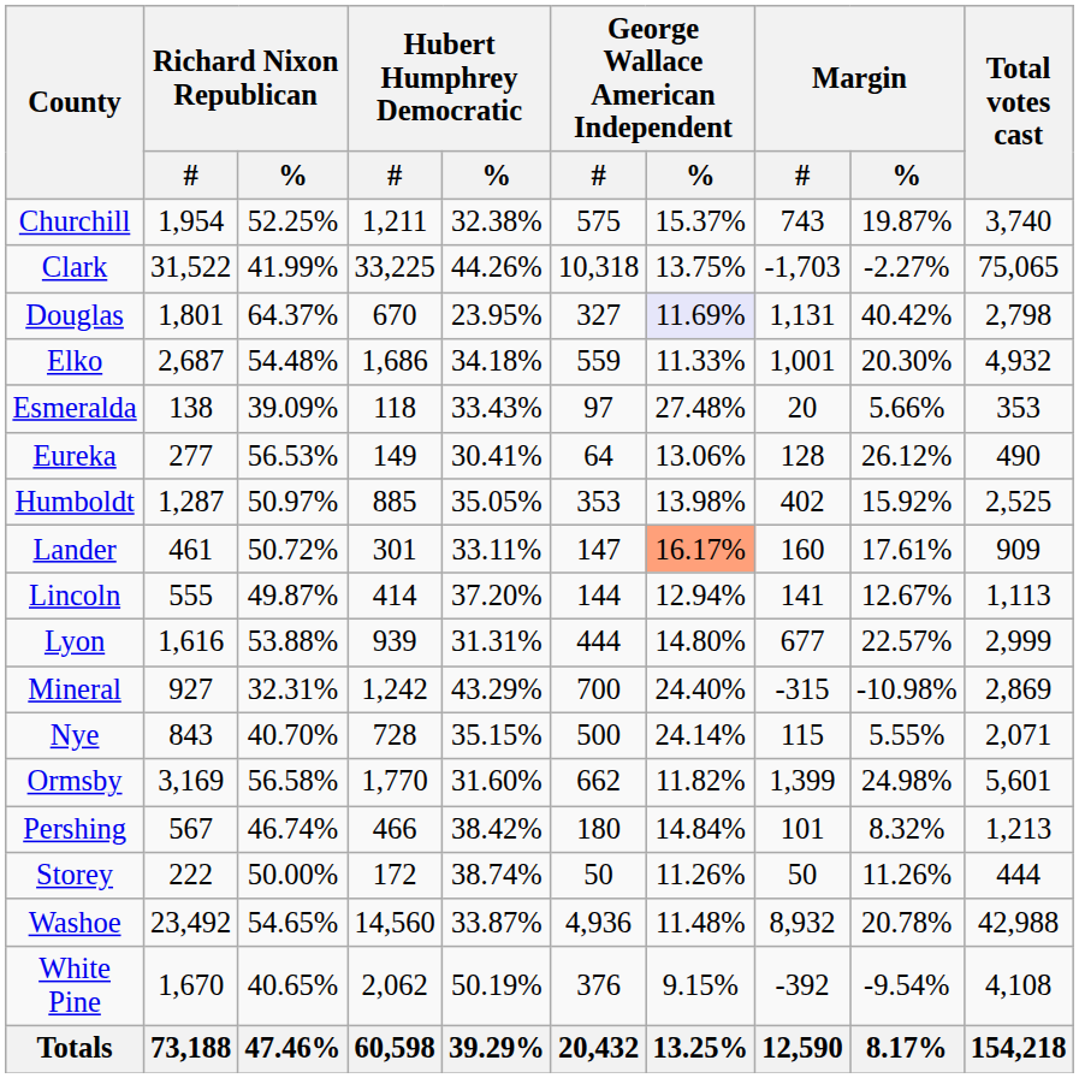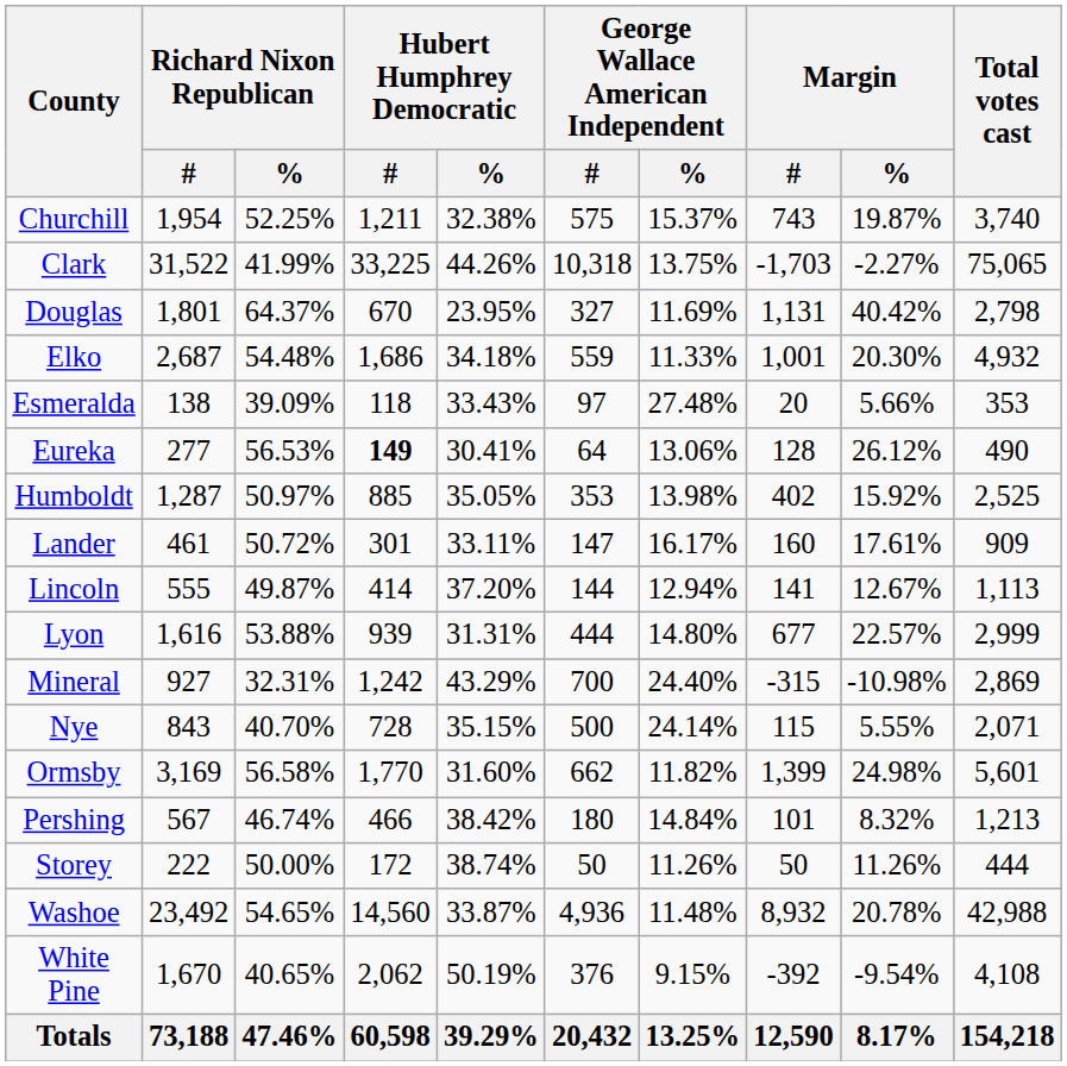 <table width="60%"  class="wikitable sortable" style="text-align:center">
 <tr>
 <th colspan="1" rowspan="2">County</th>
 <th style="text-align:center;" colspan="2">Richard Nixon<br>Republican</th>
 <th style="text-align:center;" colspan="2">Hubert Humphrey<br>Democratic</th>
 <th style="text-align:center;" colspan="2">George Wallace<br>American Independent</th>
 <th style="text-align:center;" colspan="2">Margin</th>
 <th colspan="1" rowspan="2" style="text-align:center;">Total votes cast</th>
 </tr>
 <tr>
 <th style="text-align:center;" data-sort-type="number">#</th>
 <th style="text-align:center;" data-sort-type="number">%</th>
 <th style="text-align:center;" data-sort-type="number">#</th>
 <th style="text-align:center;" data-sort-type="number">%</th>
 <th style="text-align:center;" data-sort-type="number">#</th>
 <th style="text-align:center;" data-sort-type="number">%</th>
 <th style="text-align:center;" data-sort-type="number">#</th>
 <th style="text-align:center;" data-sort-type="number">%</th>
 </tr>
 <tr style="text-align:center;">
 <td><a href='#'>Churchill</a></td>
 <td>1,954</td>
 <td>52.25%</td>
 <td>1,211</td>
 <td>32.38%</td>
 <td>575</td>
 <td>15.37%</td>
 <td>743</td>
 <td>19.87%</td>
 <td>3,740</td>
 </tr>
 <tr style="text-align:center;">
 <td><a href='#'>Clark</a></td>
 <td>31,522</td>
 <td>41.99%</td>
 <td>33,225</td>
 <td>44.26%</td>
 <td>10,318</td>
 <td>13.75%</td>
 <td>-1,703</td>
 <td>-2.27%</td>
 <td>75,065</td>
 </tr>
 <tr style="text-align:center;">
 <td><a href='#'>Douglas</a></td>
 <td>1,801</td>
 <td>64.37%</td>
 <td>670</td>
 <td>23.95%</td>
 <td>327</td>
-<td style="background: lavender;">11.69%</td>
+<td>11.69%</td>
 <td>1,131</td>
 <td>40.42%</td>
 <td>2,798</td>
 </tr>
 <tr style="text-align:center;">
 <td><a href='#'>Elko</a></td>
 <td>2,687</td>
 <td>54.48%</td>
 <td>1,686</td>
 <td>34.18%</td>
 <td>559</td>
 <td>11.33%</td>
 <td>1,001</td>
 <td>20.30%</td>
 <td>4,932</td>
 </tr>
 <tr style="text-align:center;">
 <td><a href='#'>Esmeralda</a></td>
 <td>138</td>
 <td>39.09%</td>
 <td>118</td>
 <td>33.43%</td>
 <td>97</td>
 <td>27.48%</td>
 <td>20</td>
 <td>5.66%</td>
 <td>353</td>
 </tr>
 <tr style="text-align:center;">
 <td><a href='#'>Eureka</a></td>
 <td>277</td>
 <td>56.53%</td>
-<td>149</td>
+<td><strong>149</strong></td>
 <td>30.41%</td>
 <td>64</td>
 <td>13.06%</td>
 <td>128</td>
 <td>26.12%</td>
 <td>490</td>
 </tr>
 <tr style="text-align:center;">
 <td><a href='#'>Humboldt</a></td>
 <td>1,287</td>
 <td>50.97%</td>
 <td>885</td>
 <td>35.05%</td>
 <td>353</td>
 <td>13.98%</td>
 <td>402</td>
 <td>15.92%</td>
 <td>2,525</td>
 </tr>
 <tr style="text-align:center;">
 <td><a href='#'>Lander</a></td>
 <td>461</td>
 <td>50.72%</td>
 <td>301</td>
 <td>33.11%</td>
 <td>147</td>
-<td style="background: lightsalmon;">16.17%</td>
+<td>16.17%</td>
 <td>160</td>
 <td>17.61%</td>
 <td>909</td>
 </tr>
 <tr style="text-align:center;">
 <td><a href='#'>Lincoln</a></td>
 <td>555</td>
 <td>49.87%</td>
 <td>414</td>
 <td>37.20%</td>
 <td>144</td>
 <td>12.94%</td>
 <td>141</td>
 <td>12.67%</td>
 <td>1,113</td>
 </tr>
 <tr style="text-align:center;">
 <td><a href='#'>Lyon</a></td>
 <td>1,616</td>
 <td>53.88%</td>
 <td>939</td>
 <td>31.31%</td>
 <td>444</td>
 <td>14.80%</td>
 <td>677</td>
 <td>22.57%</td>
 <td>2,999</td>
 </tr>
 <tr style="text-align:center;">
 <td><a href='#'>Mineral</a></td>
 <td>927</td>
 <td>32.31%</td>
 <td>1,242</td>
 <td>43.29%</td>
 <td>700</td>
 <td>24.40%</td>
 <td>-315</td>
 <td>-10.98%</td>
 <td>2,869</td>
 </tr>
 <tr style="text-align:center;">
 <td><a href='#'>Nye</a></td>
 <td>843</td>
 <td>40.70%</td>
 <td>728</td>
 <td>35.15%</td>
 <td>500</td>
 <td>24.14%</td>
 <td>115</td>
 <td>5.55%</td>
 <td>2,071</td>
 </tr>
 <tr style="text-align:center;">
 <td><a href='#'>Ormsby</a></td>
 <td>3,169</td>
 <td>56.58%</td>
 <td>1,770</td>
 <td>31.60%</td>
 <td>662</td>
 <td>11.82%</td>
 <td>1,399</td>
 <td>24.98%</td>
 <td>5,601</td>
 </tr>
 <tr style="text-align:center;">
 <td><a href='#'>Pershing</a></td>
 <td>567</td>
 <td>46.74%</td>
 <td>466</td>
 <td>38.42%</td>
 <td>180</td>
 <td>14.84%</td>
 <td>101</td>
 <td>8.32%</td>
 <td>1,213</td>
 </tr>
 <tr style="text-align:center;">
 <td><a href='#'>Storey</a></td>
 <td>222</td>
 <td>50.00%</td>
 <td>172</td>
 <td>38.74%</td>
 <td>50</td>
 <td>11.26%</td>
 <td>50</td>
 <td>11.26%</td>
 <td>444</td>
 </tr>
 <tr style="text-align:center;">
 <td><a href='#'>Washoe</a></td>
 <td>23,492</td>
 <td>54.65%</td>
 <td>14,560</td>
 <td>33.87%</td>
 <td>4,936</td>
 <td>11.48%</td>
 <td>8,932</td>
 <td>20.78%</td>
 <td>42,988</td>
 </tr>
 <tr style="text-align:center;">
 <td><a href='#'>White Pine</a></td>
 <td>1,670</td>
 <td>40.65%</td>
 <td>2,062</td>
 <td>50.19%</td>
 <td>376</td>
 <td>9.15%</td>
 <td>-392</td>
 <td>-9.54%</td>
 <td>4,108</td>
 </tr>
 <tr style="text-align:center;">
 <th>Totals</th>
 <th>73,188</th>
 <th>47.46%</th>
 <th>60,598</th>
 <th>39.29%</th>
 <th>20,432</th>
 <th>13.25%</th>
 <th>12,590</th>
 <th>8.17%</th>
 <th>154,218</th>
 </tr>
 </table>
